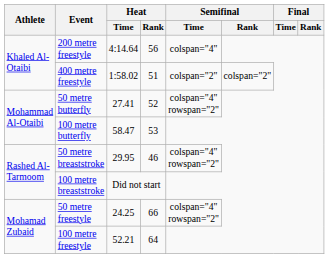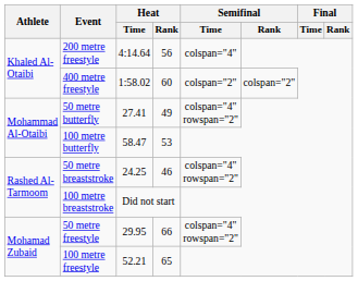 <table class="wikitable" style="text-align:center; font-size:90%; width:50%;">
 <tr>
 <th rowspan="2">Athlete</th>
 <th rowspan="2">Event</th>
 <th colspan="2">Heat</th>
 <th colspan="2">Semifinal</th>
 <th colspan="2">Final</th>
 </tr>
 <tr style="font-size:95%">
 <th>Time</th>
 <th>Rank</th>
 <th>Time</th>
 <th>Rank</th>
 <th>Time</th>
 <th>Rank</th>
 </tr>
 <tr align=center>
 <td align=left rowspan="2"><a href='#'>Khaled Al-Otaibi</a></td>
 <td align=left><a href='#'>200 metre freestyle</a></td>
 <td>4:14.64</td>
 <td>56</td>
 <td>colspan="4" </td>
 </tr>
 <tr align=center>
 <td align=left><a href='#'>400 metre freestyle</a></td>
 <td>1:58.02</td>
-<td>51</td>
+<td>60</td>
 <td>colspan="2" </td>
 <td>colspan="2" </td>
 </tr>
 <tr align=center>
 <td align=left rowspan="2"><a href='#'>Mohammad Al-Otaibi</a></td>
 <td align=left><a href='#'>50 metre butterfly</a></td>
 <td>27.41</td>
-<td>52</td>
+<td>49</td>
 <td>colspan="4" rowspan="2" </td>
 </tr>
 <tr align=center>
 <td align=left><a href='#'>100 metre butterfly</a></td>
 <td>58.47</td>
 <td>53</td>
 </tr>
 <tr align=center>
 <td align=left rowspan="2"><a href='#'>Rashed Al-Tarmoom</a></td>
 <td align=left><a href='#'>50 metre breaststroke</a></td>
-<td>29.95</td>
+<td>24.25</td>
 <td>46</td>
 <td>colspan="4" rowspan="2" </td>
 </tr>
 <tr align=center>
 <td align=left><a href='#'>100 metre breaststroke</a></td>
 <td colspan="2">Did not start</td>
 </tr>
 <tr align=center>
 <td align=left rowspan="2"><a href='#'>Mohamad Zubaid</a></td>
 <td align=left><a href='#'>50 metre freestyle</a></td>
-<td>24.25</td>
+<td>29.95</td>
 <td>66</td>
 <td>colspan="4" rowspan="2" </td>
 </tr>
 <tr align=center>
 <td align=left><a href='#'>100 metre freestyle</a></td>
 <td>52.21</td>
-<td>64</td>
+<td>65</td>
 </tr>
 </table>
